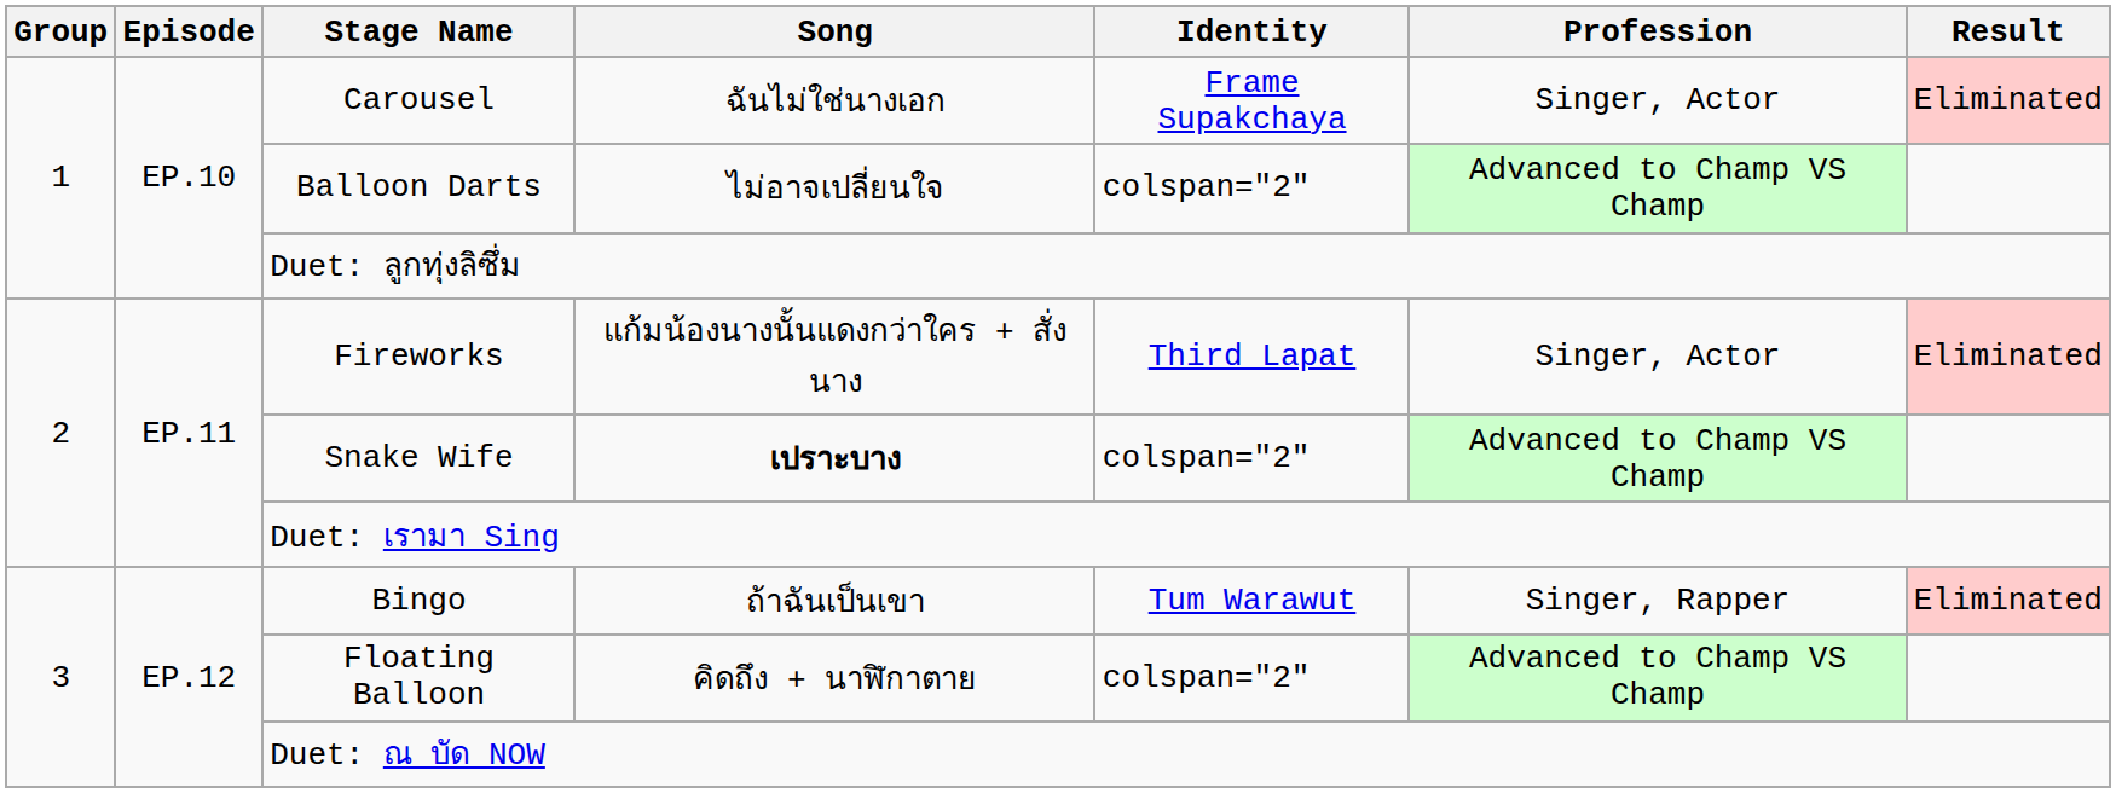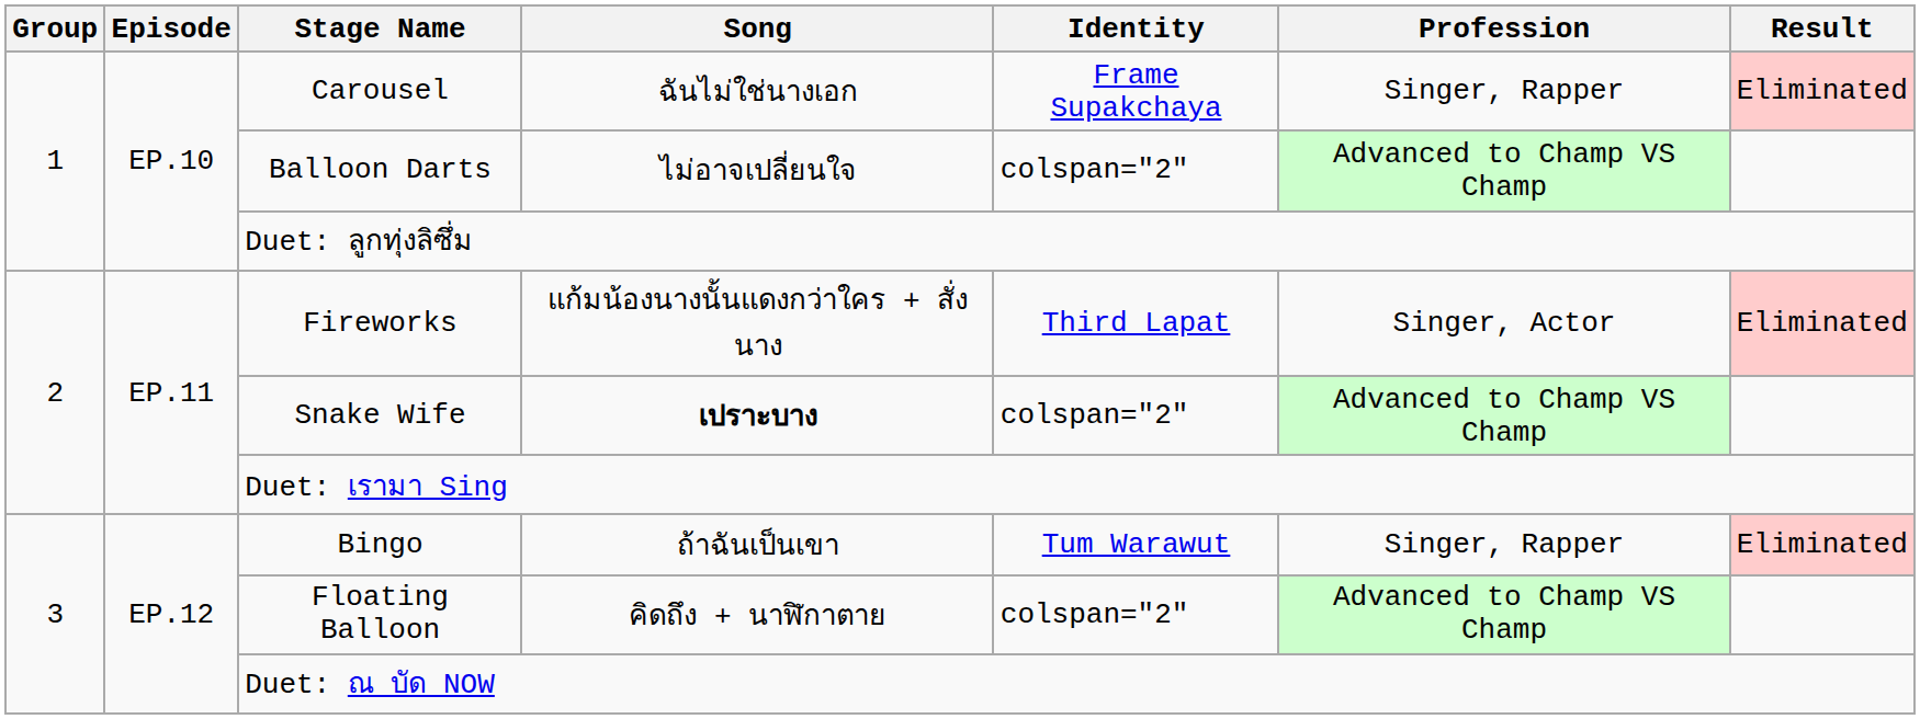 <table class="wikitable">
 <tr>
 <th>Group</th>
 <th>Episode</th>
 <th>Stage Name</th>
 <th>Song</th>
 <th>Identity</th>
 <th>Profession</th>
 <th>Result</th>
 </tr>
 <tr>
 <td align="center" rowspan="3">1</td>
 <td rowspan="3" align="center">EP.10</td>
 <td style="text-align:center;">Carousel</td>
 <td style="text-align:center;">ฉันไม่ใช่นางเอก</td>
 <td style="text-align:center;"><a href='#'>Frame Supakchaya</a></td>
-<td style="text-align:center;">Singer, Actor</td>
+<td style="text-align:center;">Singer, Rapper</td>
 <td style="text-align:center; background:#ffcccc;">Eliminated</td>
 </tr>
 <tr>
 <td style="text-align:center;">Balloon Darts</td>
 <td style="text-align:center;">ไม่อาจเปลี่ยนใจ</td>
 <td>colspan="2"  </td>
 <td style="text-align:center; background:#ccffcc;">Advanced to Champ VS Champ</td>
 </tr>
 <tr>
 <td colspan="5">Duet: ลูกทุ่งลิซึ่ม</td>
 </tr>
 <tr>
 <td align="center" rowspan="3">2</td>
 <td rowspan="3" align="center">EP.11</td>
 <td style="text-align:center;">Fireworks</td>
 <td style="text-align:center;">แก้มน้องนางนั้นแดงกว่าใคร + สั่งนาง</td>
 <td style="text-align:center;"><a href='#'>Third Lapat</a></td>
 <td style="text-align:center;">Singer, Actor</td>
 <td style="text-align:center; background:#ffcccc;">Eliminated</td>
 </tr>
 <tr>
 <td style="text-align:center;">Snake Wife</td>
 <td style="text-align:center;"><strong>เปราะบาง</strong></td>
 <td>colspan="2"  </td>
 <td style="text-align:center; background:#ccffcc;">Advanced to Champ VS Champ</td>
 </tr>
 <tr>
 <td colspan="5">Duet: <a href='#'>เรามา Sing</a></td>
 </tr>
 <tr>
 <td rowspan="3" align="center">3</td>
 <td rowspan="3" align="center">EP.12</td>
 <td style="text-align:center;">Bingo</td>
 <td style="text-align:center;">ถ้าฉันเป็นเขา</td>
 <td style="text-align:center;"><a href='#'>Tum Warawut</a></td>
 <td style="text-align:center;">Singer, Rapper</td>
 <td style="text-align:center; background:#ffcccc;">Eliminated</td>
 </tr>
 <tr>
 <td style="text-align:center;">Floating Balloon</td>
 <td style="text-align:center;">คิดถึง + นาฬิกาตาย</td>
 <td>colspan="2"  </td>
 <td style="text-align:center; background:#ccffcc;">Advanced to Champ VS Champ</td>
 </tr>
 <tr>
 <td colspan="5">Duet: <a href='#'>ณ บัด NOW</a></td>
 </tr>
 <tr>
 </tr>
 </table>
